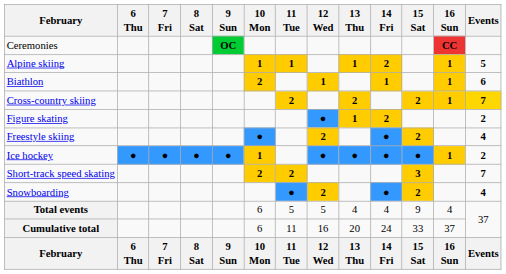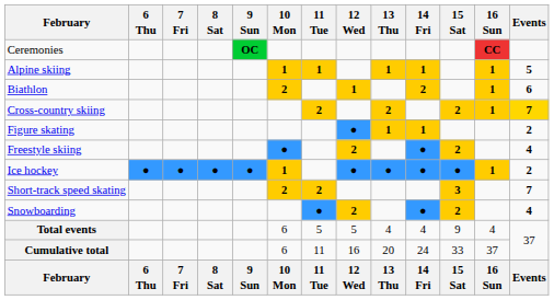 <table class="wikitable" style="margin:0.5em auto; font-size:90%; line-height:1.25em">
 <tr>
 <th>February</th>
 <th>6<br>Thu</th>
 <th>7<br>Fri</th>
 <th>8<br>Sat</th>
 <th>9<br>Sun</th>
 <th>10<br>Mon</th>
 <th>11<br>Tue</th>
 <th>12<br>Wed</th>
 <th>13<br>Thu</th>
 <th>14<br>Fri</th>
 <th>15<br>Sat</th>
 <th>16<br>Sun</th>
 <th>Events</th>
 </tr>
 <tr style="text-align:center">
 <td align="left">Ceremonies</td>
 <td></td>
 <td></td>
 <td></td>
 <td style="width:2.5em; background:#00cc33; text-align:center"><strong>OC</strong></td>
 <td></td>
 <td></td>
 <td></td>
 <td></td>
 <td></td>
 <td></td>
 <td style="width:2.5em; background:#ee3333; text-align:center"><strong>CC</strong></td>
 <td></td>
 </tr>
 <tr style="text-align:center">
 <td align="left"> <a href='#'>Alpine skiing</a></td>
 <td></td>
 <td></td>
 <td></td>
 <td></td>
 <td style="width:2.5em; background:#ffcc00;"><strong>1</strong></td>
 <td style="width:2.5em; background:#ffcc00;"><strong>1</strong></td>
 <td></td>
 <td style="width:2.5em; background:#ffcc00;"><strong>1</strong></td>
-<td style="width:2.5em; background:#ffcc00;"><strong>2</strong></td>
+<td style="width:2.5em; background:#ffcc00;"><strong>1</strong></td>
 <td></td>
 <td style="width:2.5em; background:#ffcc00;"><strong>1</strong></td>
 <td><strong>5</strong></td>
 </tr>
 <tr style="text-align:center">
 <td align="left"> <a href='#'>Biathlon</a></td>
 <td></td>
 <td></td>
 <td></td>
 <td></td>
 <td style="width:2.5em; background:#ffcc00;"><strong>2</strong></td>
 <td></td>
 <td style="width:2.5em; background:#ffcc00;"><strong>1</strong></td>
 <td></td>
-<td style="width:2.5em; background:#ffcc00;"><strong>1</strong></td>
+<td style="width:2.5em; background:#ffcc00;"><strong>2</strong></td>
 <td></td>
 <td style="width:2.5em; background:#ffcc00;"><strong>1</strong></td>
 <td><strong>6</strong></td>
 </tr>
 <tr style="text-align:center">
 <td align="left"> <a href='#'>Cross-country skiing</a></td>
 <td></td>
 <td></td>
 <td></td>
 <td></td>
 <td></td>
 <td style="width:2.5em; background:#ffcc00;"><strong>2</strong></td>
 <td></td>
 <td style="width:2.5em; background:#ffcc00;"><strong>2</strong></td>
 <td></td>
 <td style="width:2.5em; background:#ffcc00;"><strong>2</strong></td>
 <td style="width:2.5em; background:#ffcc00;"><strong>1</strong></td>
 <td style="background: gold;"><strong>7</strong></td>
 </tr>
 <tr style="text-align:center">
 <td align="left"> <a href='#'>Figure skating</a></td>
 <td></td>
 <td></td>
 <td></td>
 <td></td>
 <td></td>
 <td></td>
 <td style="width:2.5em; background:#3399ff;">●</td>
 <td style="width:2.5em; background:#ffcc00;"><strong>1</strong></td>
-<td style="width:2.5em; background:#ffcc00;"><strong>2</strong></td>
+<td style="width:2.5em; background:#ffcc00;"><strong>1</strong></td>
 <td></td>
 <td></td>
 <td><strong>2</strong></td>
 </tr>
 <tr style="text-align:center">
 <td align="left"> <a href='#'>Freestyle skiing</a></td>
 <td></td>
 <td></td>
 <td></td>
 <td></td>
 <td style="width:2.5em; background:#3399ff;">●</td>
 <td></td>
 <td style="width:2.5em; background:#ffcc00;"><strong>2</strong></td>
 <td></td>
 <td style="width:2.5em; background:#3399ff;">●</td>
 <td style="width:2.5em; background:#ffcc00;"><strong>2</strong></td>
 <td></td>
 <td><strong>4</strong></td>
 </tr>
 <tr style="text-align:center">
 <td align="left"> <a href='#'>Ice hockey</a></td>
 <td style="width:2.5em; background:#3399ff;">●</td>
 <td style="width:2.5em; background:#3399ff;">●</td>
 <td style="width:2.5em; background:#3399ff;">●</td>
 <td style="width:2.5em; background:#3399ff;">●</td>
 <td style="width:2.5em; background:#ffcc00;"><strong>1</strong></td>
 <td></td>
 <td style="width:2.5em; background:#3399ff;">●</td>
 <td style="width:2.5em; background:#3399ff;">●</td>
 <td style="width:2.5em; background:#3399ff;">●</td>
 <td style="width:2.5em; background:#3399ff;">●</td>
 <td style="width:2.5em; background:#ffcc00;"><strong>1</strong></td>
 <td><strong>2</strong></td>
 </tr>
 <tr style="text-align:center">
 <td align="left"> <a href='#'>Short-track speed skating</a></td>
 <td></td>
 <td></td>
 <td></td>
 <td></td>
 <td style="width:2.5em; background:#ffcc00;"><strong>2</strong></td>
 <td style="width:2.5em; background:#ffcc00;"><strong>2</strong></td>
 <td></td>
 <td></td>
 <td></td>
 <td style="width:2.5em; background:#ffcc00;"><strong>3</strong></td>
 <td></td>
 <td><strong>7</strong></td>
 </tr>
 <tr style="text-align:center">
 <td align="left"> <a href='#'>Snowboarding</a></td>
 <td></td>
 <td></td>
 <td></td>
 <td></td>
 <td></td>
 <td style="width:2.5em; background:#3399ff;">●</td>
 <td style="width:2.5em; background:#ffcc00;"><strong>2</strong></td>
 <td></td>
 <td style="width:2.5em; background:#3399ff;">●</td>
 <td style="width:2.5em; background:#ffcc00;"><strong>2</strong></td>
 <td></td>
 <td><strong>4</strong></td>
 </tr>
 <tr style="text-align:center">
 <th>Total events</th>
 <td></td>
 <td></td>
 <td></td>
 <td></td>
 <td>6</td>
 <td>5</td>
 <td>5</td>
 <td>4</td>
 <td>4</td>
 <td>9</td>
 <td>4</td>
 <td rowspan="2">37</td>
 </tr>
 <tr style="text-align:center">
 <th>Cumulative total</th>
 <td></td>
 <td></td>
 <td></td>
 <td></td>
 <td>6</td>
 <td>11</td>
 <td>16</td>
 <td>20</td>
 <td>24</td>
 <td>33</td>
 <td>37</td>
 </tr>
 <tr>
 <th>February</th>
 <th>6<br>Thu</th>
 <th>7<br>Fri</th>
 <th>8<br>Sat</th>
 <th>9<br>Sun</th>
 <th>10<br>Mon</th>
 <th>11<br>Tue</th>
 <th>12<br>Wed</th>
 <th>13<br>Thu</th>
 <th>14<br>Fri</th>
 <th>15<br>Sat</th>
 <th>16<br>Sun</th>
 <th>Events</th>
 </tr>
 </table>
